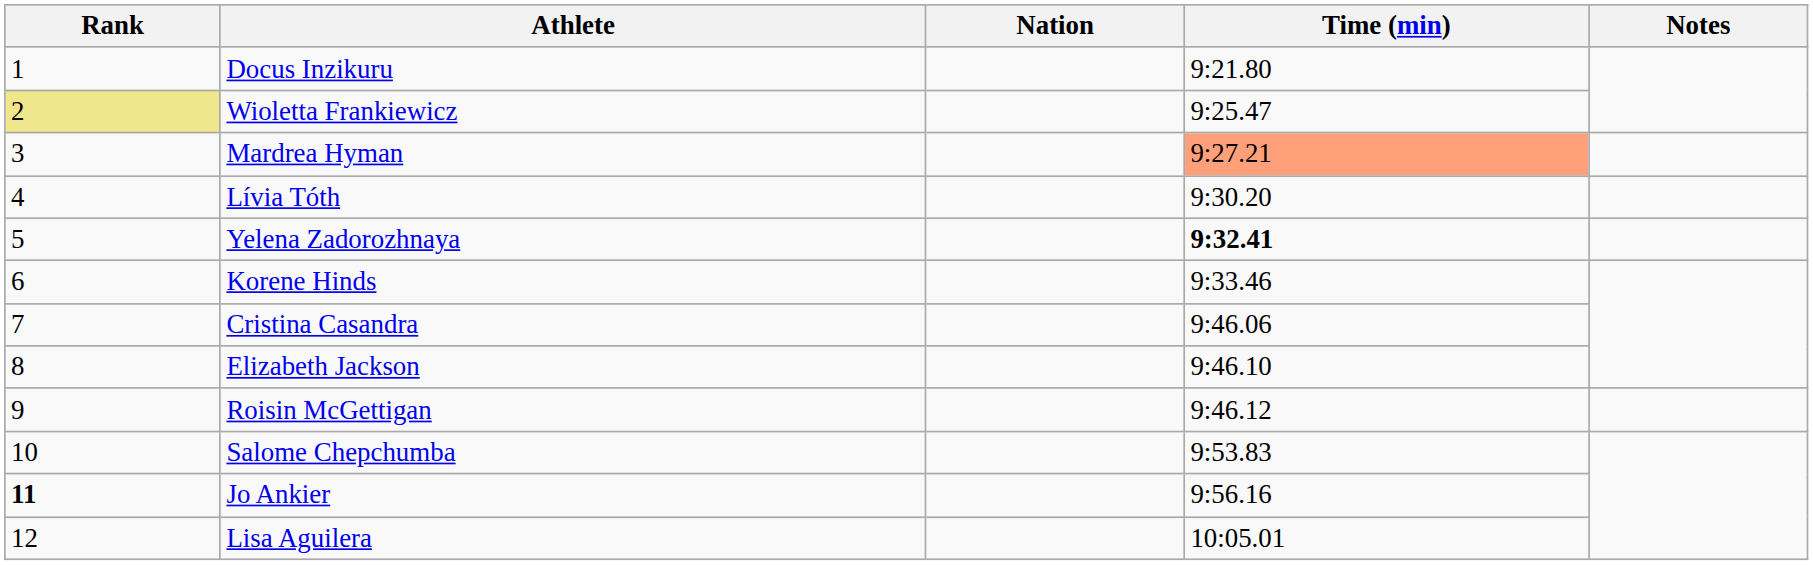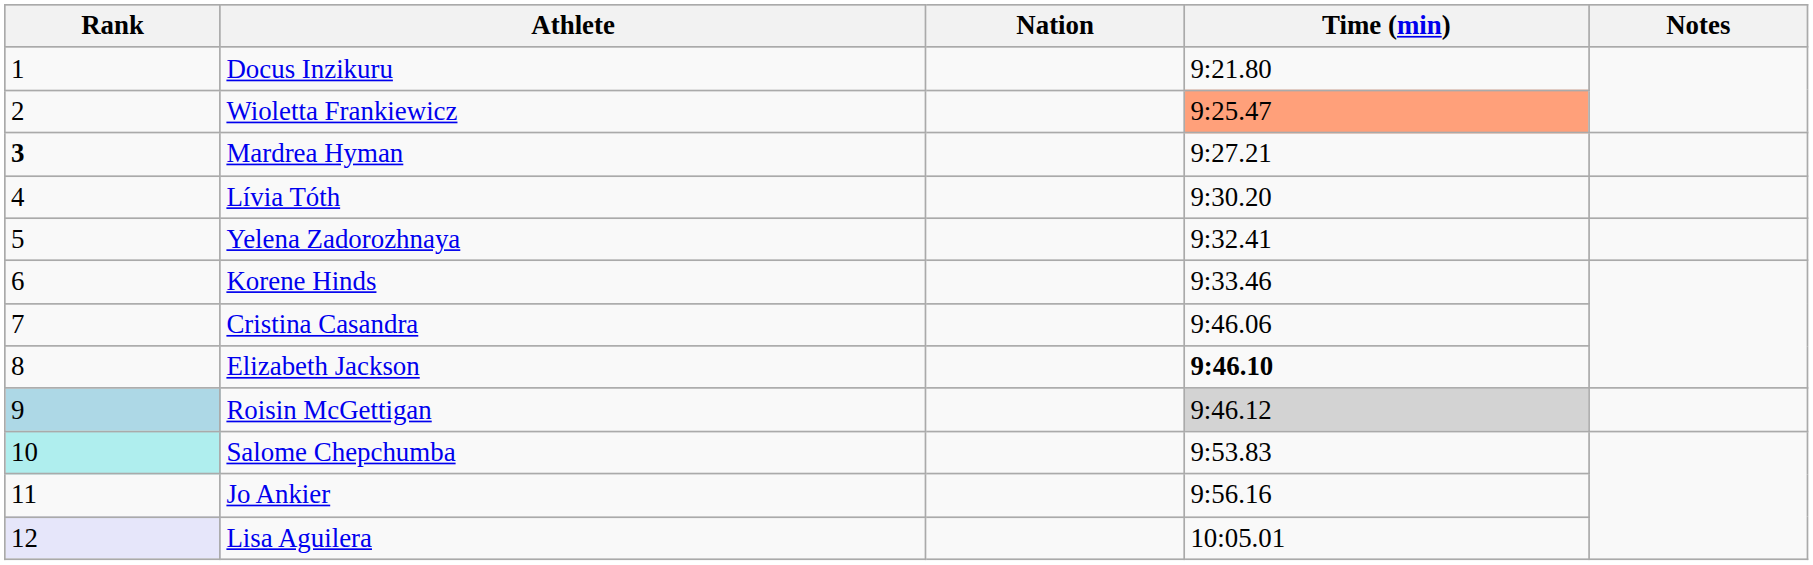 <table class="wikitable" style="text=align:center;" width=85%>
 <tr>
 <th>Rank</th>
 <th>Athlete</th>
 <th>Nation</th>
 <th>Time (<a href='#'>min</a>)</th>
 <th>Notes</th>
 </tr>
 <tr>
 <td>1</td>
 <td><a href='#'>Docus Inzikuru</a></td>
 <td></td>
 <td>9:21.80</td>
 </tr>
 <tr>
-<td style="background: khaki;">2</td>
+<td>2</td>
 <td><a href='#'>Wioletta Frankiewicz</a></td>
 <td></td>
-<td>9:25.47</td>
+<td style="background: lightsalmon;">9:25.47</td>
 </tr>
 <tr>
-<td>3</td>
+<td><strong>3</strong></td>
 <td><a href='#'>Mardrea Hyman</a></td>
 <td></td>
-<td style="background: lightsalmon;">9:27.21</td>
+<td>9:27.21</td>
 <td></td>
 </tr>
 <tr>
 <td>4</td>
 <td><a href='#'>Lívia Tóth</a></td>
 <td></td>
 <td>9:30.20</td>
 <td></td>
 </tr>
 <tr>
 <td>5</td>
 <td><a href='#'>Yelena Zadorozhnaya</a></td>
 <td></td>
-<td><strong>9:32.41</strong></td>
+<td>9:32.41</td>
 <td></td>
 </tr>
 <tr>
 <td>6</td>
 <td><a href='#'>Korene Hinds</a></td>
 <td></td>
 <td>9:33.46</td>
 </tr>
 <tr>
 <td>7</td>
 <td><a href='#'>Cristina Casandra</a></td>
 <td></td>
 <td>9:46.06</td>
 </tr>
 <tr>
 <td>8</td>
 <td><a href='#'>Elizabeth Jackson</a></td>
 <td></td>
-<td>9:46.10</td>
+<td><strong>9:46.10</strong></td>
 </tr>
 <tr>
-<td>9</td>
+<td style="background: lightblue;">9</td>
 <td><a href='#'>Roisin McGettigan</a></td>
 <td></td>
-<td>9:46.12</td>
+<td style="background: lightgrey;">9:46.12</td>
 <td></td>
 </tr>
 <tr>
-<td>10</td>
+<td style="background: paleturquoise;">10</td>
 <td><a href='#'>Salome Chepchumba</a></td>
 <td></td>
 <td>9:53.83</td>
 </tr>
 <tr>
-<td><strong>11</strong></td>
+<td>11</td>
 <td><a href='#'>Jo Ankier</a></td>
 <td></td>
 <td>9:56.16</td>
 </tr>
 <tr>
-<td>12</td>
+<td style="background: lavender;">12</td>
 <td><a href='#'>Lisa Aguilera</a></td>
 <td></td>
 <td>10:05.01</td>
 </tr>
 </table>
